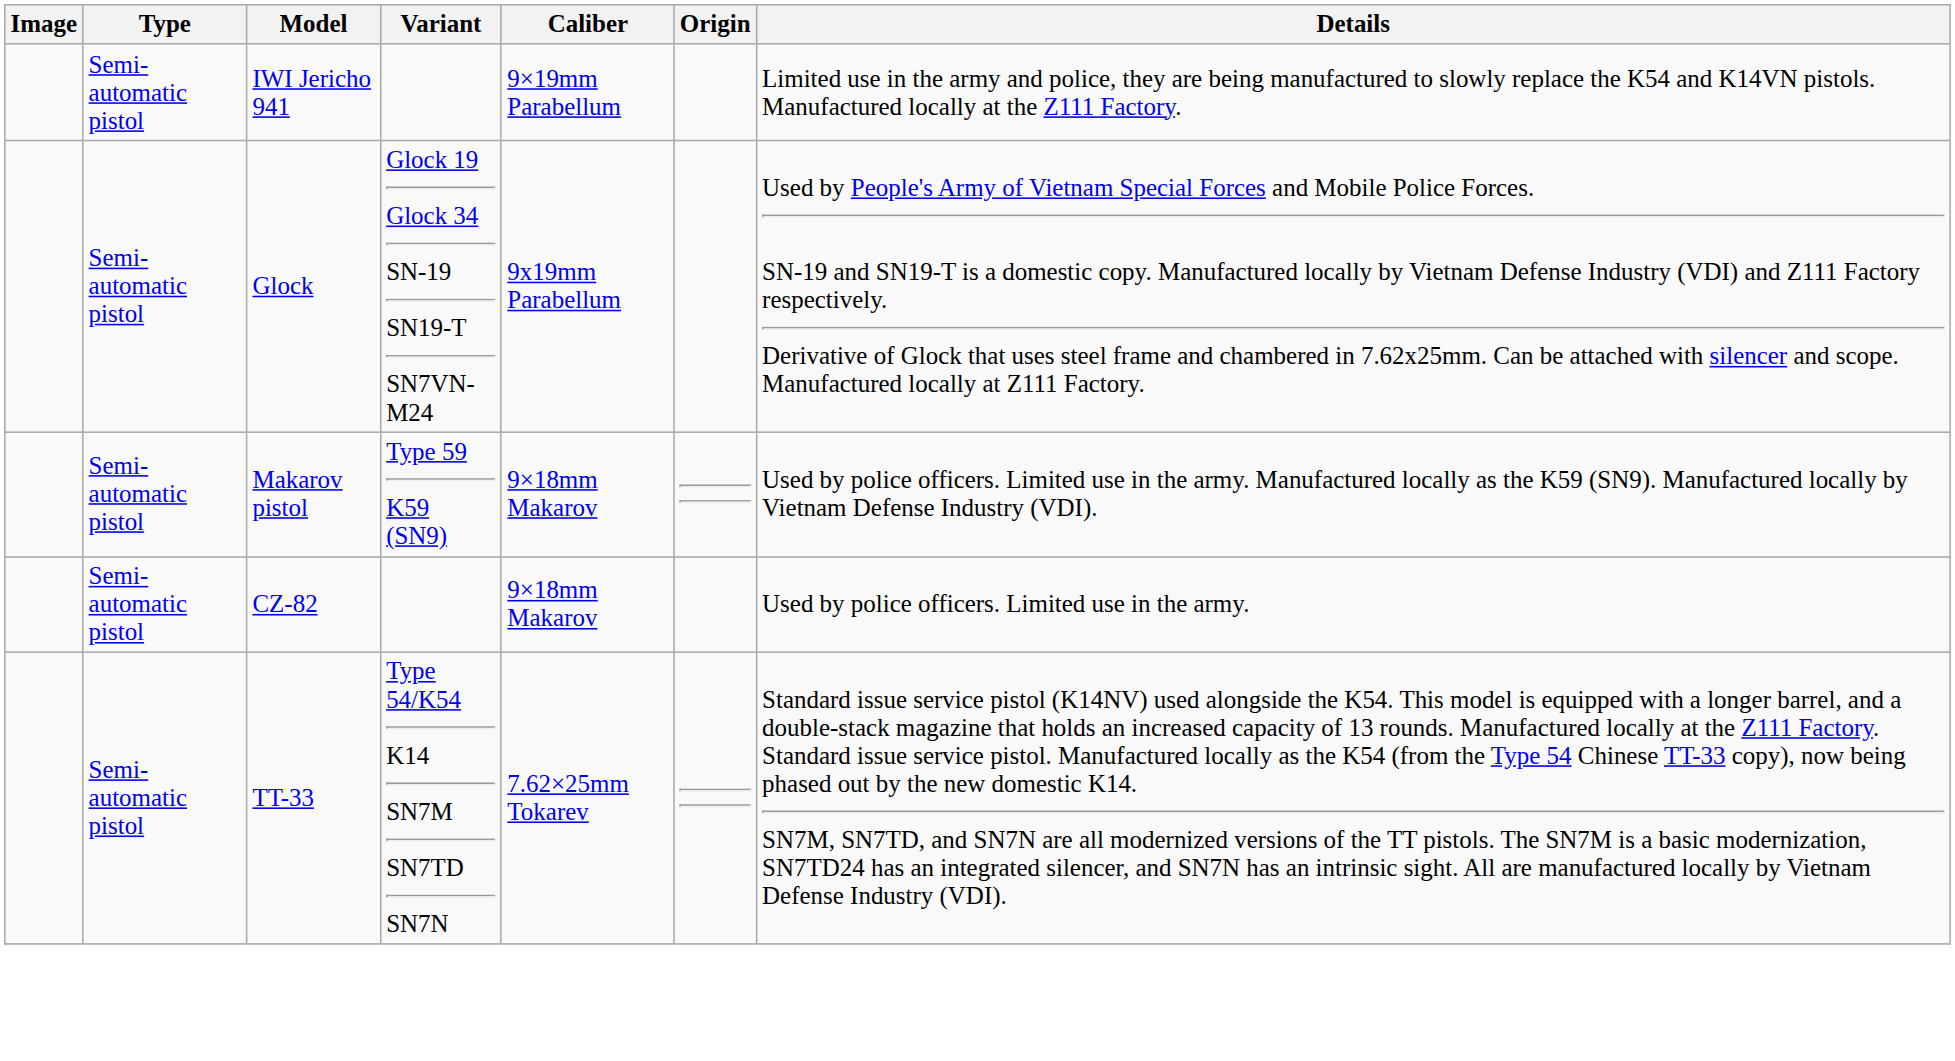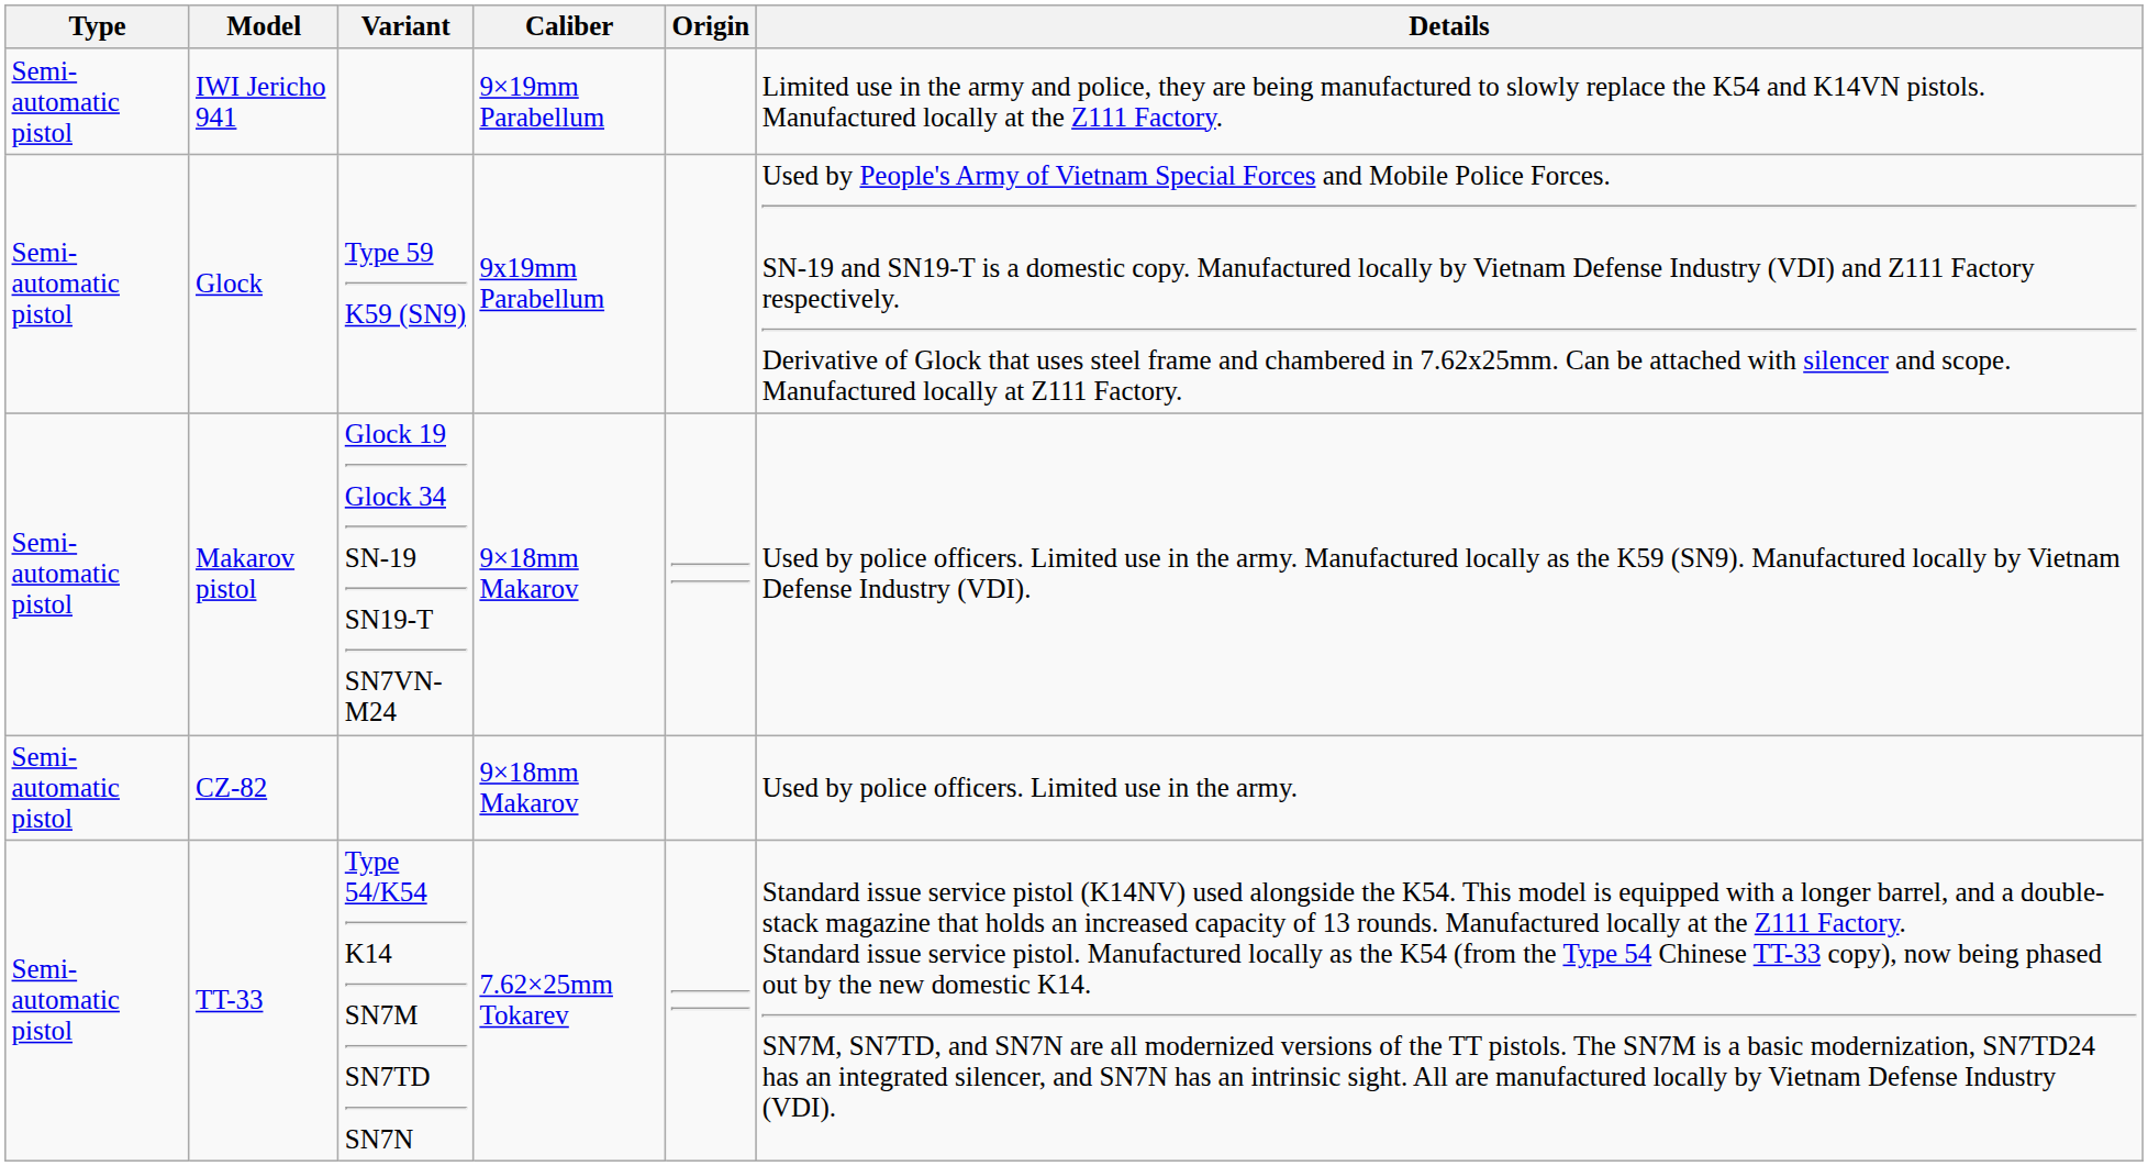 <table class="wikitable">
 <tr>
-<th>Image</th>
 <th>Type</th>
 <th>Model</th>
 <th>Variant</th>
 <th>Caliber</th>
 <th>Origin</th>
 <th>Details</th>
 </tr>
 <tr>
-<td></td>
 <td><a href='#'>Semi-automatic pistol</a></td>
 <td><a href='#'>IWI Jericho 941</a></td>
 <td></td>
 <td><a href='#'>9×19mm Parabellum</a></td>
 <td><br></td>
 <td>Limited use in the army and police, they are being manufactured to slowly replace the K54 and K14VN pistols. Manufactured locally at the <a href='#'>Z111 Factory</a>.</td>
 </tr>
 <tr>
-<td></td>
 <td><a href='#'>Semi-automatic pistol</a></td>
 <td><a href='#'>Glock</a></td>
-<td><a href='#'>Glock 19</a> <hr> <a href='#'>Glock 34</a><hr> SN-19 <hr> SN19-T <hr> SN7VN-M24</td>
+<td><a href='#'>Type 59</a> <hr> <a href='#'>K59 (SN9)</a></td>
 <td><a href='#'>9x19mm Parabellum</a></td>
 <td><br></td>
 <td>Used by <a href='#'>People's Army of Vietnam Special Forces</a> and Mobile Police Forces. <hr><br>SN-19 and SN19-T is a domestic copy. Manufactured locally by Vietnam Defense Industry (VDI) and Z111 Factory respectively.<hr> Derivative of Glock that uses steel frame and chambered in 7.62x25mm. Can be attached with <a href='#'>silencer</a> and scope. Manufactured locally at Z111 Factory.</td>
 </tr>
 <tr>
-<td></td>
 <td><a href='#'>Semi-automatic pistol</a></td>
 <td><a href='#'>Makarov pistol</a></td>
-<td><a href='#'>Type 59</a> <hr> <a href='#'>K59 (SN9)</a></td>
+<td><a href='#'>Glock 19</a> <hr> <a href='#'>Glock 34</a><hr> SN-19 <hr> SN19-T <hr> SN7VN-M24</td>
 <td><a href='#'>9×18mm Makarov</a></td>
 <td> <hr>  <hr> </td>
 <td>Used by police officers. Limited use in the army. Manufactured locally as the K59 (SN9). Manufactured locally by Vietnam Defense Industry (VDI).</td>
 </tr>
 <tr>
-<td></td>
 <td><a href='#'>Semi-automatic pistol</a></td>
 <td><a href='#'>CZ-82</a></td>
 <td></td>
 <td><a href='#'>9×18mm Makarov</a></td>
 <td></td>
 <td>Used by police officers. Limited use in the army.</td>
 </tr>
 <tr>
-<td></td>
 <td><a href='#'>Semi-automatic pistol</a></td>
 <td><a href='#'>TT-33</a></td>
 <td><a href='#'>Type 54/K54</a><hr>K14<hr>SN7M<hr>SN7TD<hr>SN7N</td>
 <td><a href='#'>7.62×25mm Tokarev</a></td>
 <td> <hr>  <hr> </td>
 <td>Standard issue service pistol (K14NV) used alongside the K54. This model is equipped with a longer barrel, and a double-stack magazine that holds an increased capacity of 13 rounds. Manufactured locally at the <a href='#'>Z111 Factory</a>.<br>Standard issue service pistol. Manufactured locally as the K54 (from the <a href='#'>Type 54</a> Chinese <a href='#'>TT-33</a> copy), now being phased out by the new domestic K14. <hr> SN7M, SN7TD, and SN7N are all modernized versions of the TT pistols. The SN7M is a basic modernization, SN7TD24 has an integrated silencer, and SN7N has an intrinsic sight. All are manufactured locally by Vietnam Defense Industry (VDI).</td>
 </tr>
 </table>
